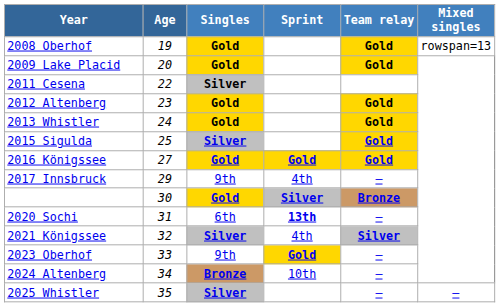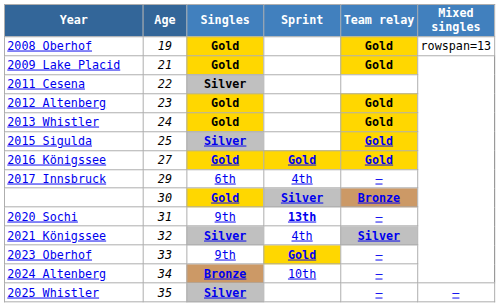 <table class="wikitable" style="font-size:95%; text-align:center; border:grey solid 1px; border-collapse:collapse; background:#ffffff;">
 <tr>
 <th style="background-color:#369; color:white; width:140px;">Year</th>
 <th style="background-color:#369; color:white; width:40px;">Age</th>
 <th style="background-color:#4180be; color:white; width:75px;">Singles</th>
 <th style="background-color:#4180be; color:white; width:75px;">Sprint</th>
 <th style="background-color:#4180be; color:white; width:75px;">Team relay</th>
 <th style="background-color:#4180be; color:white; width:75px;">Mixed singles</th>
 </tr>
 <tr>
 <td align=left> <a href='#'>2008 Oberhof</a></td>
 <td><em>19</em></td>
 <td style="background:gold;"><strong>Gold</strong></td>
 <td></td>
 <td style="background:Gold;"><strong>Gold</strong></td>
 <td>rowspan=13 </td>
 </tr>
 <tr>
 <td align=left> <a href='#'>2009 Lake Placid</a></td>
-<td><em>20</em></td>
+<td><em>21</em></td>
 <td style="background:gold;"><strong>Gold</strong></td>
 <td></td>
 <td style="background:gold;"><strong>Gold</strong></td>
 </tr>
 <tr>
 <td align=left> <a href='#'>2011 Cesena</a></td>
 <td><em>22</em></td>
 <td style="background:silver;"><strong>Silver</strong></td>
 <td></td>
 <td></td>
 </tr>
 <tr>
 <td align=left> <a href='#'>2012 Altenberg</a></td>
 <td><em>23</em></td>
 <td style="background:gold;"><strong>Gold</strong></td>
 <td></td>
 <td style="background:gold;"><strong>Gold</strong></td>
 </tr>
 <tr>
 <td align=left> <a href='#'>2013 Whistler</a></td>
 <td><em>24</em></td>
 <td style="background:gold;"><strong>Gold</strong></td>
 <td></td>
 <td style="background:gold;"><strong>Gold</strong></td>
 </tr>
 <tr>
 <td align=left> <a href='#'>2015 Sigulda</a></td>
 <td><em>25</em></td>
 <td style="background:silver;"><a href='#'><strong>Silver</strong></a></td>
 <td></td>
 <td style="background:gold;"><a href='#'><strong>Gold</strong></a></td>
 </tr>
 <tr>
 <td align=left> <a href='#'>2016 Königssee</a></td>
 <td><em>27</em></td>
 <td style="background:gold;"><a href='#'><strong>Gold</strong></a></td>
 <td style="background:gold;"><a href='#'><strong>Gold</strong></a></td>
 <td style="background:gold;"><a href='#'><strong>Gold</strong></a></td>
 </tr>
 <tr>
 <td align=left> <a href='#'>2017 Innsbruck</a></td>
 <td><em>29</em></td>
-<td><a href='#'>9th</a></td>
+<td><a href='#'>6th</a></td>
 <td><a href='#'>4th</a></td>
 <td><a href='#'>—</a></td>
 </tr>
 <tr>
 <td align=left> </td>
 <td><em>30</em></td>
 <td style="background:gold;"><a href='#'><strong>Gold</strong></a></td>
 <td style="background:silver;"><a href='#'><strong>Silver</strong></a></td>
 <td style="background:#cc9966;"><a href='#'><strong>Bronze</strong></a></td>
 </tr>
 <tr>
 <td align=left> <a href='#'>2020 Sochi</a></td>
 <td><em>31</em></td>
-<td><a href='#'>6th</a></td>
+<td><a href='#'>9th</a></td>
 <td><strong><a href='#'>13th</a></strong></td>
 <td><a href='#'>—</a></td>
 </tr>
 <tr>
 <td align=left> <a href='#'>2021 Königssee</a></td>
 <td><em>32</em></td>
 <td style="background:silver"><a href='#'><strong>Silver</strong></a></td>
 <td><a href='#'>4th</a></td>
 <td style="background:silver;"><a href='#'><strong>Silver</strong></a></td>
 </tr>
 <tr>
 <td align=left> <a href='#'>2023 Oberhof</a></td>
 <td><em>33</em></td>
 <td><a href='#'>9th</a></td>
 <td style="background:gold;"><a href='#'><strong>Gold</strong></a></td>
 <td><a href='#'>—</a></td>
 </tr>
 <tr>
 <td align=left> <a href='#'>2024 Altenberg</a></td>
 <td><em>34</em></td>
 <td style="background:#cc9966;"><a href='#'><strong>Bronze</strong></a></td>
 <td><a href='#'>10th</a></td>
 <td><a href='#'>—</a></td>
 </tr>
 <tr>
 <td align=left> <a href='#'>2025 Whistler</a></td>
 <td><em>35</em></td>
 <td style="background:silver;"><a href='#'><strong>Silver</strong></a></td>
 <td></td>
 <td><a href='#'>—</a></td>
 <td><a href='#'>—</a></td>
 </tr>
 </table>
